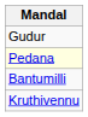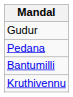 <table class="wikitable sortable static-row-numbers static-row-header-hash">
 <tr>
 <th>Mandal</th>
 </tr>
 <tr>
 <td>Gudur</td>
 </tr>
 <tr>
-<td style="background: lightyellow;"><a href='#'>Pedana</a></td>
+<td><a href='#'>Pedana</a></td>
 </tr>
 <tr>
 <td><a href='#'>Bantumilli</a></td>
 </tr>
 <tr>
 <td><a href='#'>Kruthivennu</a></td>
 </tr>
 </table>
